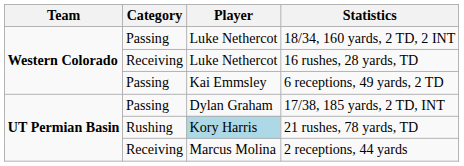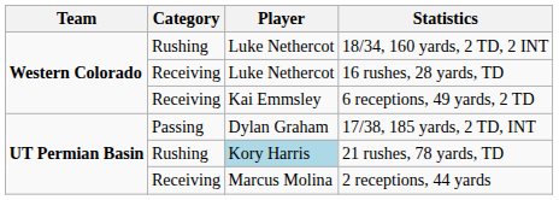 <table class="wikitable" style="float: right;">
 <tr>
 <th>Team</th>
 <th>Category</th>
 <th>Player</th>
 <th>Statistics</th>
 </tr>
 <tr>
 <td rowspan=3><strong>Western Colorado</strong></td>
-<td>Passing</td>
+<td>Rushing</td>
 <td>Luke Nethercot</td>
 <td>18/34, 160 yards, 2 TD, 2 INT</td>
 </tr>
 <tr>
 <td>Receiving</td>
 <td>Luke Nethercot</td>
 <td>16 rushes, 28 yards, TD</td>
 </tr>
 <tr>
-<td>Passing</td>
+<td>Receiving</td>
 <td>Kai Emmsley</td>
 <td>6 receptions, 49 yards, 2 TD</td>
 </tr>
 <tr>
 <td rowspan=3><strong>UT Permian Basin</strong></td>
 <td>Passing</td>
 <td>Dylan Graham</td>
 <td>17/38, 185 yards, 2 TD, INT</td>
 </tr>
 <tr>
 <td>Rushing</td>
 <td style="background: lightblue;">Kory Harris</td>
 <td>21 rushes, 78 yards, TD</td>
 </tr>
 <tr>
 <td>Receiving</td>
 <td>Marcus Molina</td>
 <td>2 receptions, 44 yards</td>
 </tr>
 </table>
